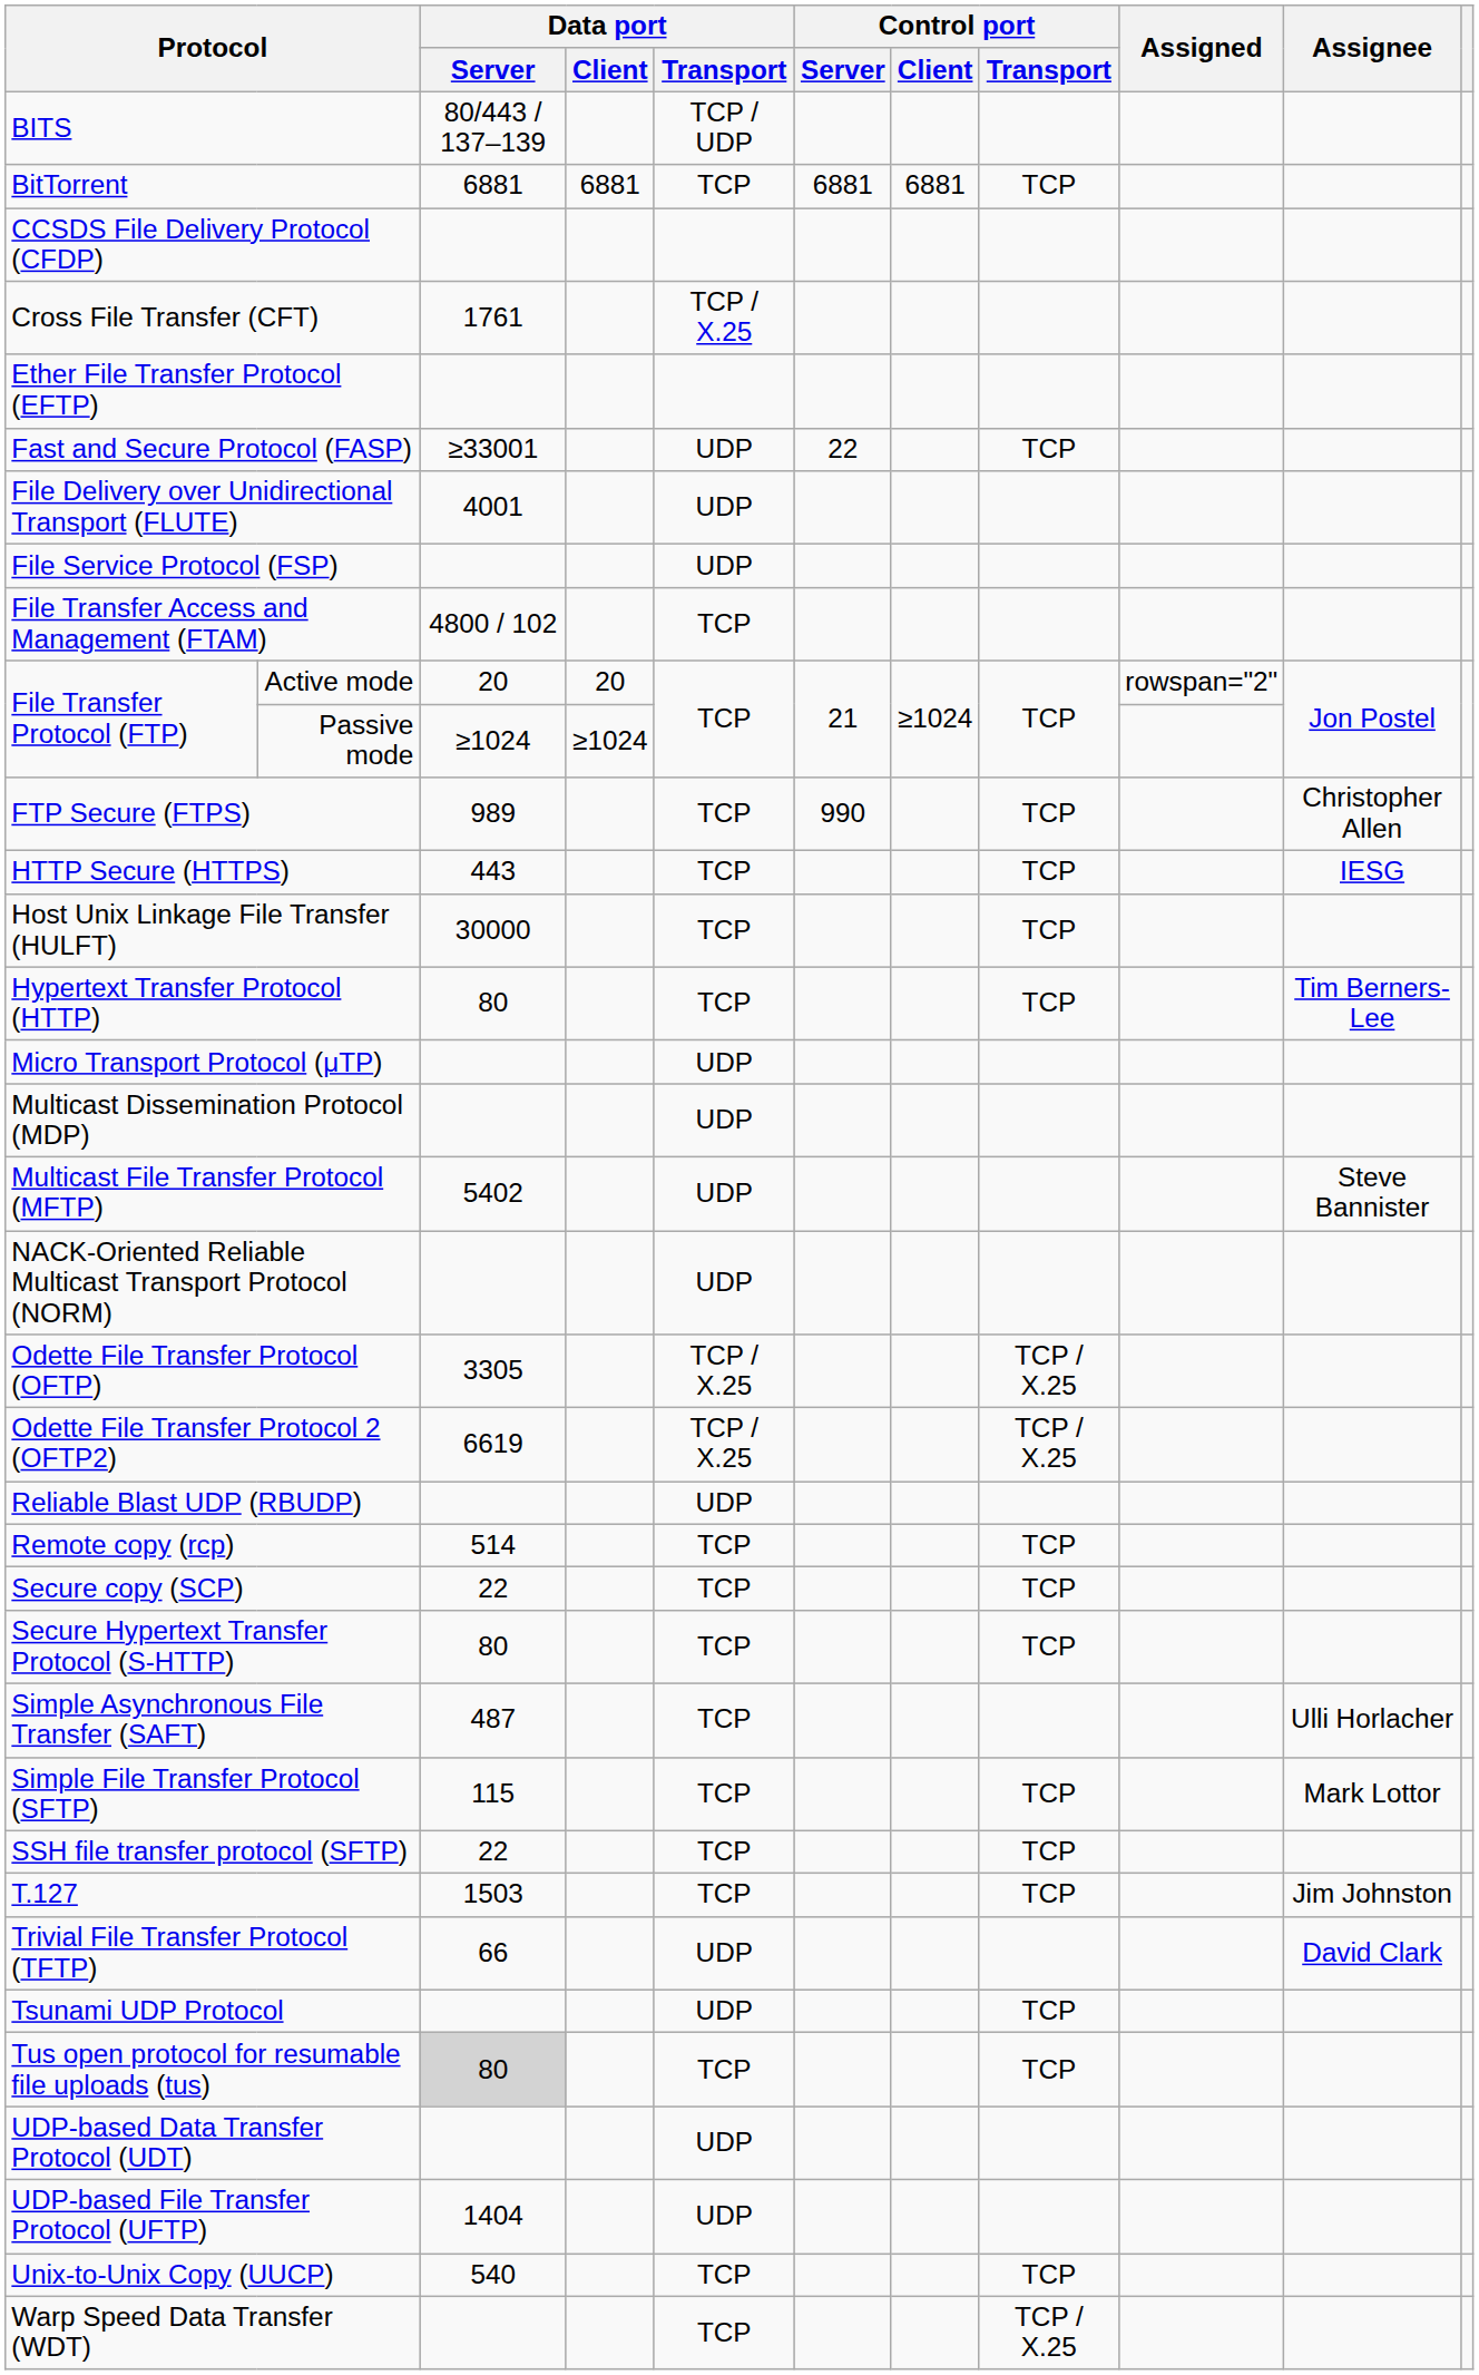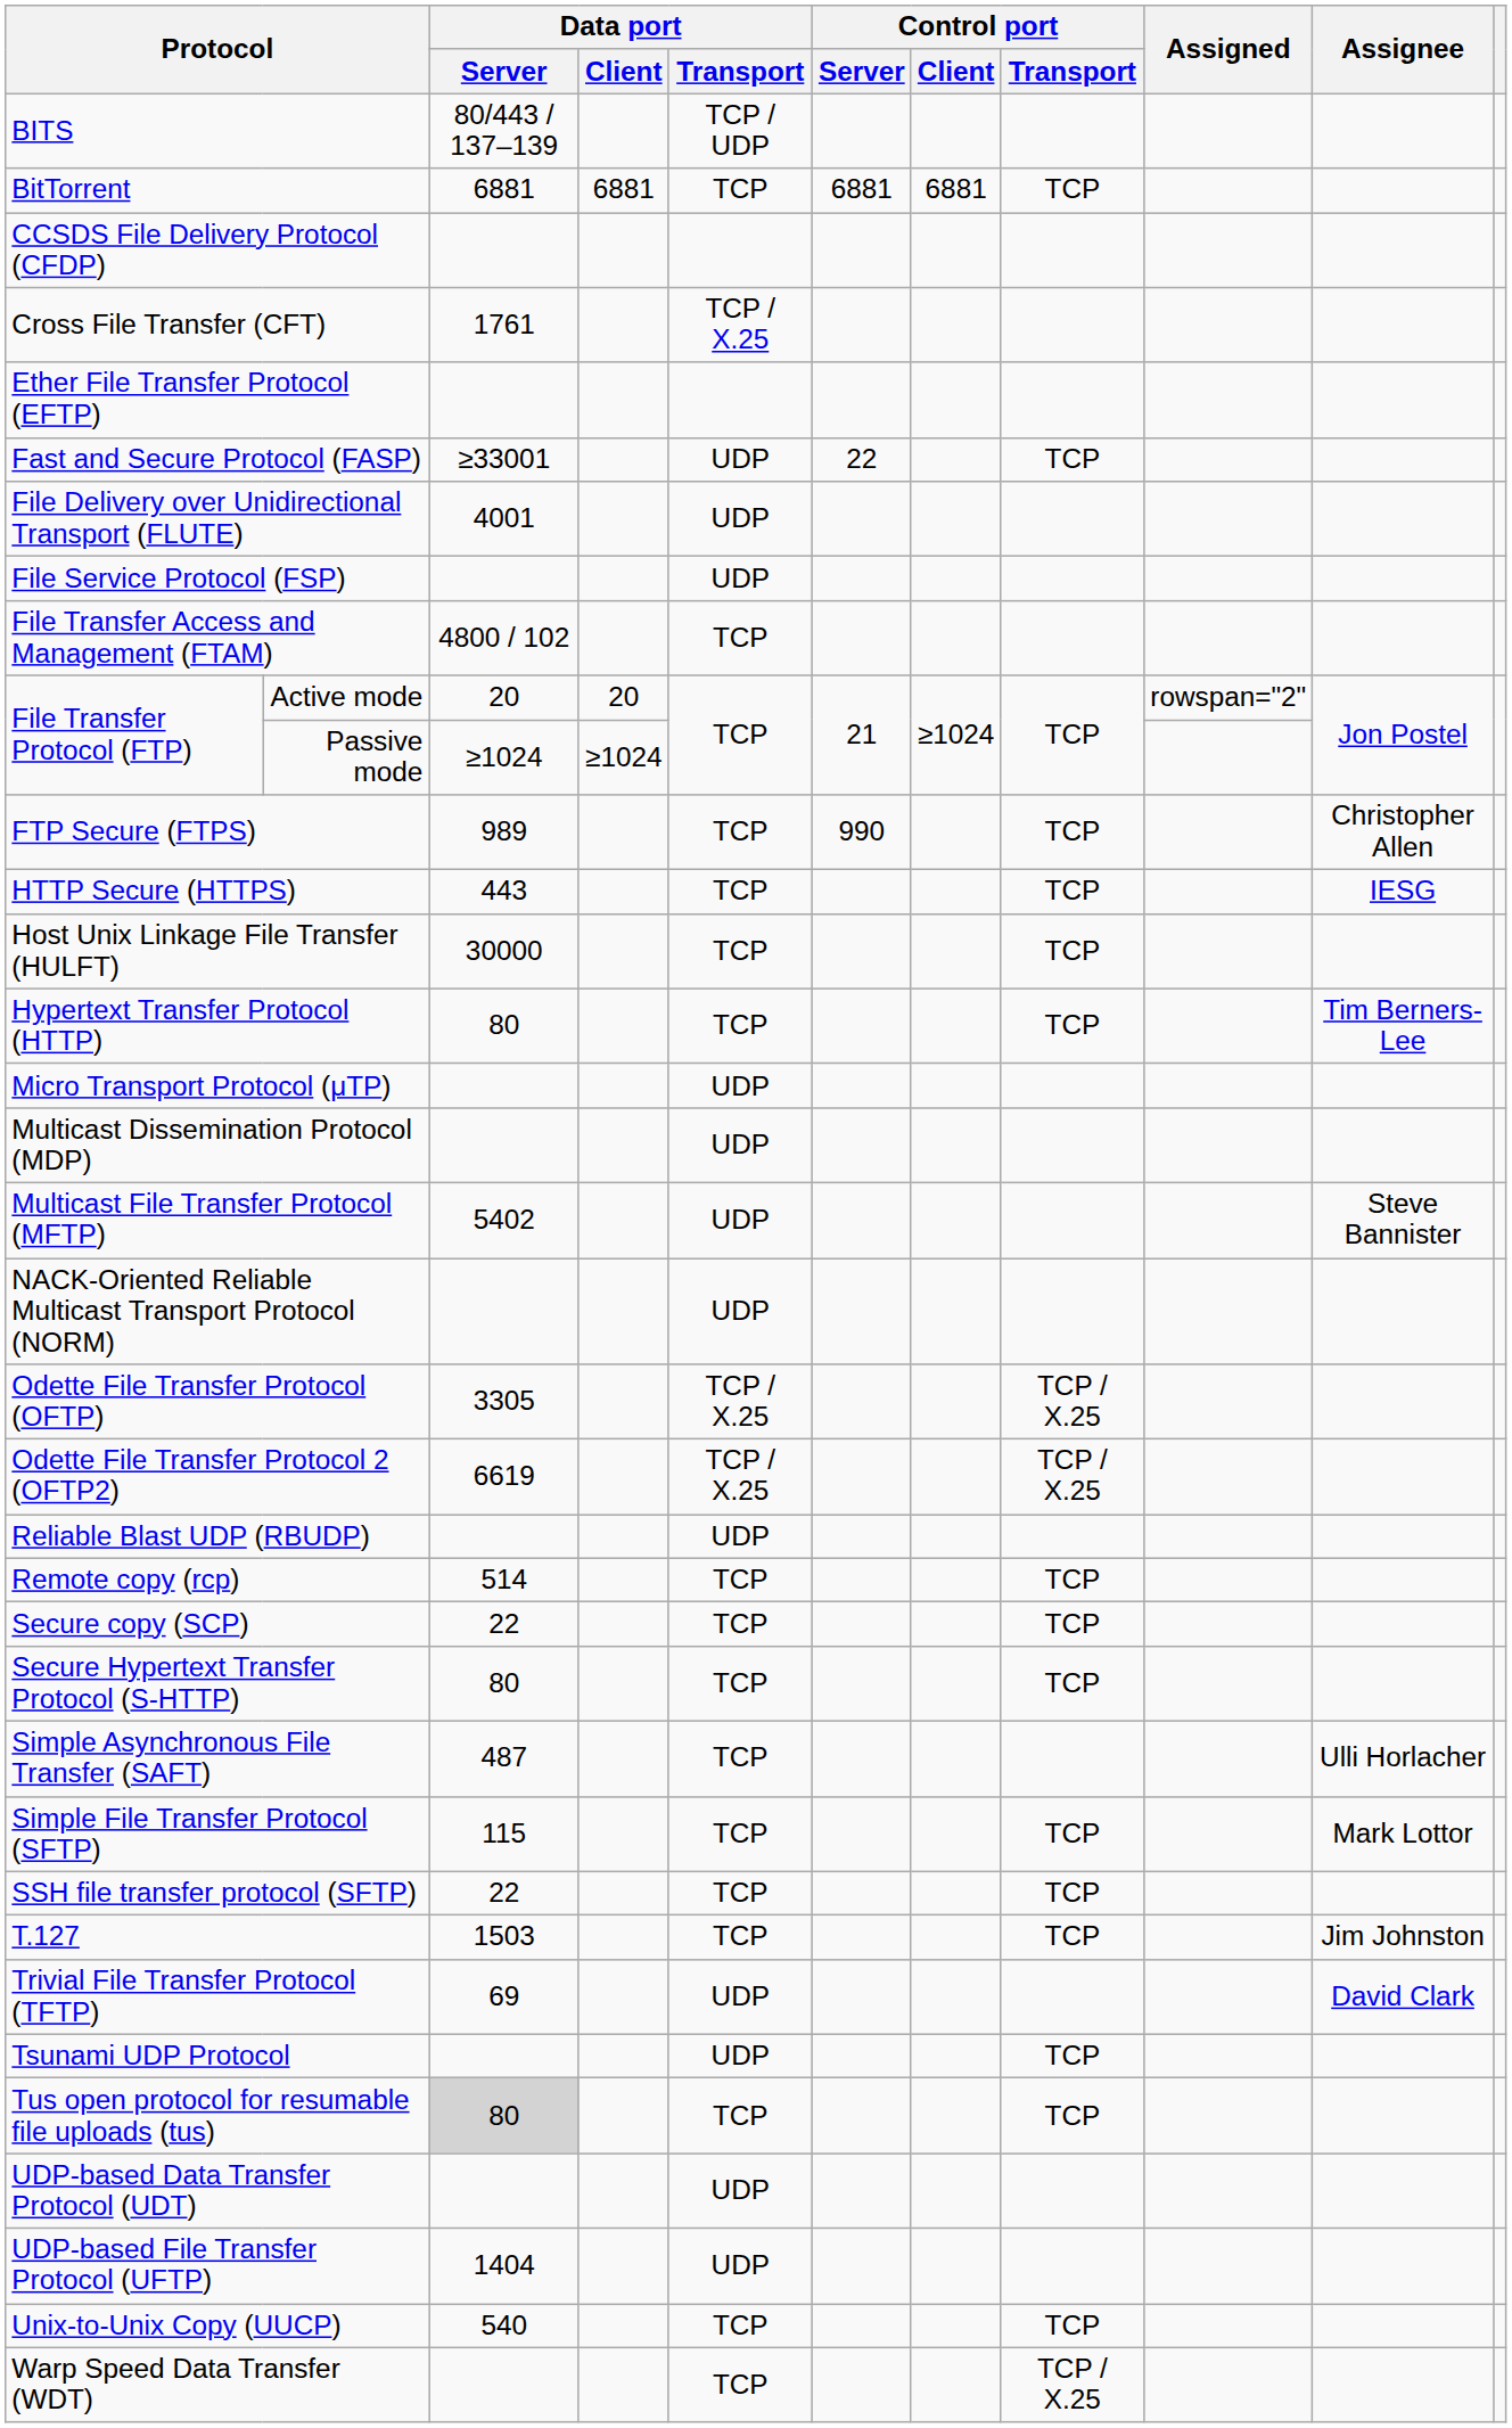 <table class="wikitable sortable" style="text-align:center">
 <tr>
 <th scope="col" rowspan="2" colspan="2">Protocol</th>
 <th scope="col" colspan="3">Data <a href='#'>port</a></th>
 <th scope="col" colspan="3">Control <a href='#'>port</a></th>
 <th scope="col" rowspan="2">Assigned<br></th>
 <th scope="col" rowspan="2">Assignee</th>
 <th scope="col" rowspan="2" class="unsortable"></th>
 </tr>
 <tr>
 <th scope="col"><a href='#'>Server</a></th>
 <th scope="col"><a href='#'>Client</a></th>
 <th scope="col"><a href='#'>Transport</a></th>
 <th scope="col"><a href='#'>Server</a></th>
 <th scope="col"><a href='#'>Client</a></th>
 <th scope="col"><a href='#'>Transport</a></th>
 </tr>
 <tr>
 <td style="text-align:left" colspan="2"><a href='#'>BITS</a></td>
 <td>80/443 / 137–139</td>
 <td></td>
 <td>TCP / UDP</td>
 <td></td>
 <td></td>
 <td></td>
 <td></td>
 <td></td>
 <td></td>
 </tr>
 <tr>
 <td style="text-align:left" colspan="2"><a href='#'>BitTorrent</a></td>
 <td>6881</td>
 <td>6881</td>
 <td>TCP</td>
 <td>6881</td>
 <td>6881</td>
 <td>TCP</td>
 <td></td>
 <td></td>
 <td></td>
 </tr>
 <tr>
 <td style="text-align:left" colspan="2"><a href='#'>CCSDS File Delivery Protocol</a> (<a href='#'>CFDP</a>)</td>
 <td></td>
 <td></td>
 <td></td>
 <td></td>
 <td></td>
 <td></td>
 <td></td>
 <td></td>
 <td></td>
 </tr>
 <tr>
 <td style="text-align:left" colspan="2">Cross File Transfer (CFT)</td>
 <td>1761</td>
 <td></td>
 <td>TCP / <a href='#'>X.25</a></td>
 <td></td>
 <td></td>
 <td></td>
 <td></td>
 <td></td>
 <td></td>
 </tr>
 <tr>
 <td style="text-align:left" colspan="2"><a href='#'>Ether File Transfer Protocol</a> (<a href='#'>EFTP</a>)</td>
 <td></td>
 <td></td>
 <td></td>
 <td></td>
 <td></td>
 <td></td>
 <td></td>
 <td></td>
 <td></td>
 </tr>
 <tr>
 <td style="text-align:left" colspan="2"><a href='#'>Fast and Secure Protocol</a> (<a href='#'>FASP</a>)</td>
 <td>≥33001</td>
 <td></td>
 <td>UDP</td>
 <td>22</td>
 <td></td>
 <td>TCP</td>
 <td></td>
 <td></td>
 <td></td>
 </tr>
 <tr>
 <td style="text-align:left" colspan="2"><a href='#'>File Delivery over Unidirectional Transport</a> (<a href='#'>FLUTE</a>)</td>
 <td>4001</td>
 <td></td>
 <td>UDP</td>
 <td></td>
 <td></td>
 <td></td>
 <td></td>
 <td></td>
 <td></td>
 </tr>
 <tr>
 <td style="text-align:left" colspan="2"><a href='#'>File Service Protocol</a> (<a href='#'>FSP</a>)</td>
 <td></td>
 <td></td>
 <td>UDP</td>
 <td></td>
 <td></td>
 <td></td>
 <td></td>
 <td></td>
 <td></td>
 </tr>
 <tr>
 <td style="text-align:left" colspan="2"><a href='#'>File Transfer Access and Management</a> (<a href='#'>FTAM</a>)</td>
 <td>4800 / 102</td>
 <td></td>
 <td>TCP</td>
 <td></td>
 <td></td>
 <td></td>
 <td></td>
 <td></td>
 <td></td>
 </tr>
 <tr>
 <td style="text-align:left" rowspan="2"><a href='#'>File Transfer Protocol</a> (<a href='#'>FTP</a>)</td>
 <td style="text-align:right">Active mode</td>
 <td>20</td>
 <td>20</td>
 <td rowspan="2">TCP</td>
 <td rowspan="2">21</td>
 <td rowspan="2">≥1024</td>
 <td rowspan="2">TCP</td>
 <td>rowspan="2" </td>
 <td rowspan="2"><a href='#'>Jon Postel</a></td>
 <td rowspan="2"></td>
 </tr>
 <tr>
 <td style="text-align:right">Passive mode</td>
 <td>≥1024</td>
 <td>≥1024</td>
 </tr>
 <tr>
 <td style="text-align:left" colspan="2"><a href='#'>FTP Secure</a> (<a href='#'>FTPS</a>)</td>
 <td>989</td>
 <td></td>
 <td>TCP</td>
 <td>990</td>
 <td></td>
 <td>TCP</td>
 <td></td>
 <td>Christopher Allen</td>
 <td></td>
 </tr>
 <tr>
 <td style="text-align:left" colspan="2"><a href='#'>HTTP Secure</a> (<a href='#'>HTTPS</a>)</td>
 <td>443</td>
 <td></td>
 <td>TCP</td>
 <td></td>
 <td></td>
 <td>TCP</td>
 <td></td>
 <td><a href='#'>IESG</a></td>
 <td></td>
 </tr>
 <tr>
 <td style="text-align:left" colspan="2">Host Unix Linkage File Transfer (HULFT)</td>
 <td>30000</td>
 <td></td>
 <td>TCP</td>
 <td></td>
 <td></td>
 <td>TCP</td>
 <td></td>
 <td></td>
 <td></td>
 </tr>
 <tr>
 <td style="text-align:left" colspan="2"><a href='#'>Hypertext Transfer Protocol</a> (<a href='#'>HTTP</a>)</td>
 <td>80</td>
 <td></td>
 <td>TCP</td>
 <td></td>
 <td></td>
 <td>TCP</td>
 <td></td>
 <td><a href='#'>Tim Berners-Lee</a></td>
 <td></td>
 </tr>
 <tr>
 <td style="text-align:left" colspan="2"><a href='#'>Micro Transport Protocol</a> (<a href='#'>μTP</a>)</td>
 <td></td>
 <td></td>
 <td>UDP</td>
 <td></td>
 <td></td>
 <td></td>
 <td></td>
 <td></td>
 <td></td>
 </tr>
 <tr>
 <td style="text-align:left" colspan="2">Multicast Dissemination Protocol (MDP)</td>
 <td></td>
 <td></td>
 <td>UDP</td>
 <td></td>
 <td></td>
 <td></td>
 <td></td>
 <td></td>
 <td></td>
 </tr>
 <tr>
 <td style="text-align:left" colspan="2"><a href='#'>Multicast File Transfer Protocol</a> (<a href='#'>MFTP</a>)</td>
 <td>5402</td>
 <td></td>
 <td>UDP</td>
 <td></td>
 <td></td>
 <td></td>
 <td></td>
 <td>Steve Bannister</td>
 <td></td>
 </tr>
 <tr>
 <td style="text-align:left" colspan="2">NACK-Oriented Reliable Multicast Transport Protocol (NORM)</td>
 <td></td>
 <td></td>
 <td>UDP</td>
 <td></td>
 <td></td>
 <td></td>
 <td></td>
 <td></td>
 <td></td>
 </tr>
 <tr>
 <td style="text-align:left" colspan="2"><a href='#'>Odette File Transfer Protocol</a> (<a href='#'>OFTP</a>)</td>
 <td>3305</td>
 <td></td>
 <td>TCP / X.25</td>
 <td></td>
 <td></td>
 <td>TCP / X.25</td>
 <td></td>
 <td></td>
 <td></td>
 </tr>
 <tr>
 <td style="text-align:left" colspan="2"><a href='#'>Odette File Transfer Protocol 2</a> (<a href='#'>OFTP2</a>)</td>
 <td>6619</td>
 <td></td>
 <td>TCP / X.25</td>
 <td></td>
 <td></td>
 <td>TCP / X.25</td>
 <td></td>
 <td></td>
 <td></td>
 </tr>
 <tr>
 <td style="text-align:left" colspan="2"><a href='#'>Reliable Blast UDP</a> (<a href='#'>RBUDP</a>)</td>
 <td></td>
 <td></td>
 <td>UDP</td>
 <td></td>
 <td></td>
 <td></td>
 <td></td>
 <td></td>
 <td></td>
 </tr>
 <tr>
 <td style="text-align:left" colspan="2"><a href='#'>Remote copy</a> (<a href='#'>rcp</a>)</td>
 <td>514</td>
 <td></td>
 <td>TCP</td>
 <td></td>
 <td></td>
 <td>TCP</td>
 <td></td>
 <td></td>
 <td></td>
 </tr>
 <tr>
 <td style="text-align:left" colspan="2"><a href='#'>Secure copy</a> (<a href='#'>SCP</a>)</td>
 <td>22</td>
 <td></td>
 <td>TCP</td>
 <td></td>
 <td></td>
 <td>TCP</td>
 <td></td>
 <td></td>
 <td></td>
 </tr>
 <tr>
 <td style="text-align:left" colspan="2"><a href='#'>Secure Hypertext Transfer Protocol</a> (<a href='#'>S-HTTP</a>)</td>
 <td>80</td>
 <td></td>
 <td>TCP</td>
 <td></td>
 <td></td>
 <td>TCP</td>
 <td></td>
 <td></td>
 <td></td>
 </tr>
 <tr>
 <td style="text-align:left" colspan="2"><a href='#'>Simple Asynchronous File Transfer</a> (<a href='#'>SAFT</a>)</td>
 <td>487</td>
 <td></td>
 <td>TCP</td>
 <td></td>
 <td></td>
 <td></td>
 <td></td>
 <td>Ulli Horlacher</td>
 <td></td>
 </tr>
 <tr>
 <td style="text-align:left" colspan="2"><a href='#'>Simple File Transfer Protocol</a> (<a href='#'>SFTP</a>)</td>
 <td>115</td>
 <td></td>
 <td>TCP</td>
 <td></td>
 <td></td>
 <td>TCP</td>
 <td></td>
 <td>Mark Lottor</td>
 <td></td>
 </tr>
 <tr>
 <td style="text-align:left" colspan="2"><a href='#'>SSH file transfer protocol</a> (<a href='#'>SFTP</a>)</td>
 <td>22</td>
 <td></td>
 <td>TCP</td>
 <td></td>
 <td></td>
 <td>TCP</td>
 <td></td>
 <td></td>
 <td></td>
 </tr>
 <tr>
 <td style="text-align:left" colspan="2"><a href='#'>T.127</a></td>
 <td>1503</td>
 <td></td>
 <td>TCP</td>
 <td></td>
 <td></td>
 <td>TCP</td>
 <td></td>
 <td>Jim Johnston</td>
 <td></td>
 </tr>
 <tr>
 <td style="text-align:left" colspan="2"><a href='#'>Trivial File Transfer Protocol</a> (<a href='#'>TFTP</a>)</td>
-<td>66</td>
+<td>69</td>
 <td></td>
 <td>UDP</td>
 <td></td>
 <td></td>
 <td></td>
 <td></td>
 <td><a href='#'>David Clark</a></td>
 <td></td>
 </tr>
 <tr>
 <td style="text-align:left" colspan="2"><a href='#'>Tsunami UDP Protocol</a></td>
 <td></td>
 <td></td>
 <td>UDP</td>
 <td></td>
 <td></td>
 <td>TCP</td>
 <td></td>
 <td></td>
 <td></td>
 </tr>
 <tr>
 <td style="text-align:left" colspan="2"><a href='#'>Tus open protocol for resumable file uploads</a> (<a href='#'>tus</a>)</td>
 <td style="background: lightgrey;">80</td>
 <td></td>
 <td>TCP</td>
 <td></td>
 <td></td>
 <td>TCP</td>
 <td></td>
 <td></td>
 <td></td>
 </tr>
 <tr>
 <td style="text-align:left" colspan="2"><a href='#'>UDP-based Data Transfer Protocol</a> (<a href='#'>UDT</a>)</td>
 <td></td>
 <td></td>
 <td>UDP</td>
 <td></td>
 <td></td>
 <td></td>
 <td></td>
 <td></td>
 <td></td>
 </tr>
 <tr>
 <td style="text-align:left" colspan="2"><a href='#'>UDP-based File Transfer Protocol</a> (<a href='#'>UFTP</a>)</td>
 <td>1404</td>
 <td></td>
 <td>UDP</td>
 <td></td>
 <td></td>
 <td></td>
 <td></td>
 <td></td>
 <td></td>
 </tr>
 <tr>
 <td style="text-align:left" colspan="2"><a href='#'>Unix-to-Unix Copy</a> (<a href='#'>UUCP</a>)</td>
 <td>540</td>
 <td></td>
 <td>TCP</td>
 <td></td>
 <td></td>
 <td>TCP</td>
 <td></td>
 <td></td>
 <td></td>
 </tr>
 <tr>
 <td style="text-align:left" colspan="2">Warp Speed Data Transfer (WDT)</td>
 <td></td>
 <td></td>
 <td>TCP</td>
 <td></td>
 <td></td>
 <td>TCP / X.25</td>
 <td></td>
 <td></td>
 <td></td>
 </tr>
 </table>
